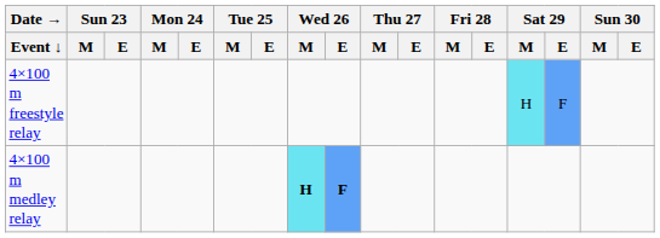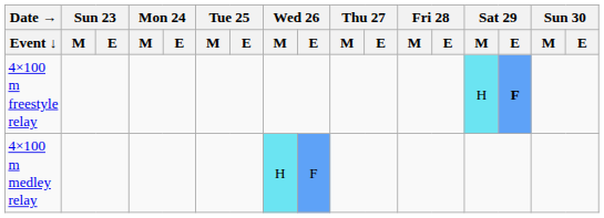 <table class="wikitable" style="margin:0.5em auto; font-size:95%; line-height:1.25em;">
 <tr style="text-align:center;">
 <th>Date →</th>
 <th colspan="2">Sun 23</th>
 <th colspan="2">Mon 24</th>
 <th colspan="2">Tue 25</th>
 <th colspan="2">Wed 26</th>
 <th colspan="2">Thu 27</th>
 <th colspan="2">Fri 28</th>
 <th colspan="2">Sat 29</th>
 <th colspan="2">Sun 30</th>
 </tr>
 <tr>
 <th>Event   ↓</th>
 <th style="width:2.5em;">M</th>
 <th style="width:2.5em;">E</th>
 <th style="width:2.5em;">M</th>
 <th style="width:2.5em;">E</th>
 <th style="width:2.5em;">M</th>
 <th style="width:2.5em;">E</th>
 <th style="width:2.5em;">M</th>
 <th style="width:2.5em;">E</th>
 <th style="width:2.5em;">M</th>
 <th style="width:2.5em;">E</th>
 <th style="width:2.5em;">M</th>
 <th style="width:2.5em;">E</th>
 <th style="width:2.5em;">M</th>
 <th style="width:2.5em;">E</th>
 <th style="width:2.5em;">M</th>
 <th style="width:2.5em;">E</th>
 </tr>
 <tr style="text-align:center;">
 <td style="text-align:left;"><a href='#'>4×100 m freestyle relay</a></td>
 <td colspan="2"></td>
 <td colspan="2"></td>
 <td colspan="2"></td>
 <td colspan="2"></td>
 <td colspan="2"></td>
 <td colspan="2"></td>
 <td style="background-color:#6be4f2;">H</td>
-<td style="background-color:#5ea2f7;">F</td>
+<td style="background-color:#5ea2f7;"><strong>F</strong></td>
 <td colspan="2"></td>
 </tr>
 <tr style="text-align:center;">
 <td style="text-align:left;"><a href='#'>4×100 m medley relay</a></td>
 <td colspan="2"></td>
 <td colspan="2"></td>
 <td colspan="2"></td>
-<td style="background-color:#6be4f2;"><strong>H</strong></td>
-<td style="background-color:#5ea2f7;"><strong>F</strong></td>
+<td style="background-color:#6be4f2;">H</td>
+<td style="background-color:#5ea2f7;">F</td>
 <td colspan="2"></td>
 <td colspan="2"></td>
 <td colspan="2"></td>
 <td colspan="2"></td>
 </tr>
 </table>
